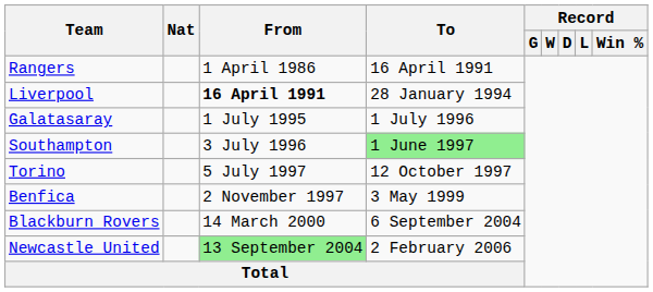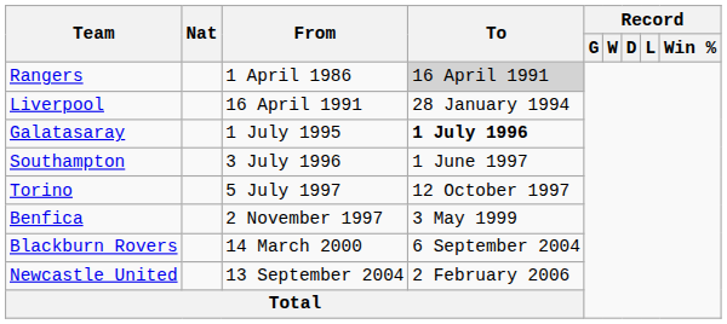 <table class="wikitable" style="text-align: center">
 <tr>
 <th rowspan="2">Team</th>
 <th rowspan="2">Nat</th>
 <th rowspan="2">From</th>
 <th rowspan="2">To</th>
 <th colspan="5">Record</th>
 </tr>
 <tr>
 <th>G</th>
 <th>W</th>
 <th>D</th>
 <th>L</th>
 <th>Win %</th>
 </tr>
 <tr>
 <td align=left><a href='#'>Rangers</a></td>
 <td></td>
 <td align=left>1 April 1986</td>
-<td align=left>16 April 1991<br></td>
+<td align=left style="background: lightgrey;">16 April 1991<br></td>
 </tr>
 <tr>
 <td align=left><a href='#'>Liverpool</a></td>
 <td></td>
-<td align=left><strong>16 April 1991</strong></td>
+<td align=left>16 April 1991</td>
 <td align=left>28 January 1994<br></td>
 </tr>
 <tr>
 <td align=left><a href='#'>Galatasaray</a></td>
 <td></td>
 <td align=left>1 July 1995</td>
-<td align=left>1 July 1996<br></td>
+<td align=left><strong>1 July 1996<br></strong></td>
 </tr>
 <tr>
 <td align=left><a href='#'>Southampton</a></td>
 <td></td>
 <td align=left>3 July 1996</td>
-<td align=left style="background: lightgreen;">1 June 1997<br></td>
+<td align=left>1 June 1997<br></td>
 </tr>
 <tr>
 <td align=left><a href='#'>Torino</a></td>
 <td></td>
 <td align=left>5 July 1997</td>
 <td align=left>12 October 1997<br></td>
 </tr>
 <tr>
 <td align=left><a href='#'>Benfica</a></td>
 <td></td>
 <td align=left>2 November 1997</td>
 <td align=left>3 May 1999<br></td>
 </tr>
 <tr>
 <td align=left><a href='#'>Blackburn Rovers</a></td>
 <td></td>
 <td align=left>14 March 2000</td>
 <td align=left>6 September 2004<br></td>
 </tr>
 <tr>
 <td align=left><a href='#'>Newcastle United</a></td>
 <td></td>
-<td align=left style="background: lightgreen;">13 September 2004</td>
+<td align=left>13 September 2004</td>
 <td align=left>2 February 2006<br></td>
 </tr>
 <tr>
 <th colspan=4>Total<br></th>
 </tr>
 </table>
